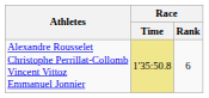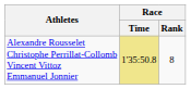 <table class="wikitable" border="1" style="font-size:90%">
 <tr>
 <th rowspan=2>Athletes</th>
 <th colspan=2>Race</th>
 </tr>
 <tr>
 <th>Time</th>
 <th>Rank</th>
 </tr>
 <tr>
 <td><a href='#'>Alexandre Rousselet</a><br><a href='#'>Christophe Perrillat-Collomb</a><br><a href='#'>Vincent Vittoz</a><br><a href='#'>Emmanuel Jonnier</a></td>
 <td align=center style="background: khaki;">1'35:50.8</td>
-<td align=center>6</td>
+<td align=center>8</td>
 </tr>
 </table>
